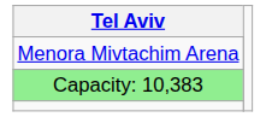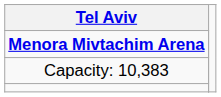 <table class="wikitable" style="margin:1em auto; text-align:center">
 <tr>
 <th colspan=2><a href='#'>Tel Aviv</a></th>
 <td rowspan=4></td>
 </tr>
 <tr>
-<td><a href='#'>Menora Mivtachim Arena</a></td>
+<td><strong><a href='#'>Menora Mivtachim Arena</a></strong></td>
 </tr>
 <tr>
-<td style="background: lightgreen;">Capacity: 10,383</td>
+<td>Capacity: 10,383</td>
 </tr>
 <tr>
 <td></td>
 </tr>
 </table>
